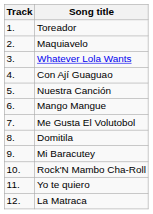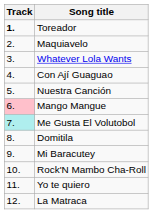 <table class="wikitable">
 <tr>
 <th>Track</th>
 <th>Song title</th>
 </tr>
 <tr>
-<td>1.</td>
+<td><strong>1.</strong></td>
 <td>Toreador</td>
 </tr>
 <tr>
 <td>2.</td>
 <td>Maquiavelo</td>
 </tr>
 <tr>
 <td>3.</td>
 <td><a href='#'>Whatever Lola Wants</a></td>
 </tr>
 <tr>
 <td>4.</td>
 <td>Con Ají Guaguao</td>
 </tr>
 <tr>
 <td>5.</td>
 <td>Nuestra Canción</td>
 </tr>
 <tr>
-<td>6.</td>
+<td style="background: pink;">6.</td>
 <td>Mango Mangue</td>
 </tr>
 <tr>
-<td>7.</td>
+<td style="background: paleturquoise;">7.</td>
 <td>Me Gusta El Volutobol</td>
 </tr>
 <tr>
 <td>8.</td>
 <td>Domitila</td>
 </tr>
 <tr>
 <td>9.</td>
 <td>Mi Baracutey</td>
 </tr>
 <tr>
 <td>10.</td>
 <td>Rock'N Mambo Cha-Roll</td>
 </tr>
 <tr>
 <td>11.</td>
 <td>Yo te quiero</td>
 </tr>
 <tr>
 <td>12.</td>
 <td>La Matraca</td>
 </tr>
 </table>
